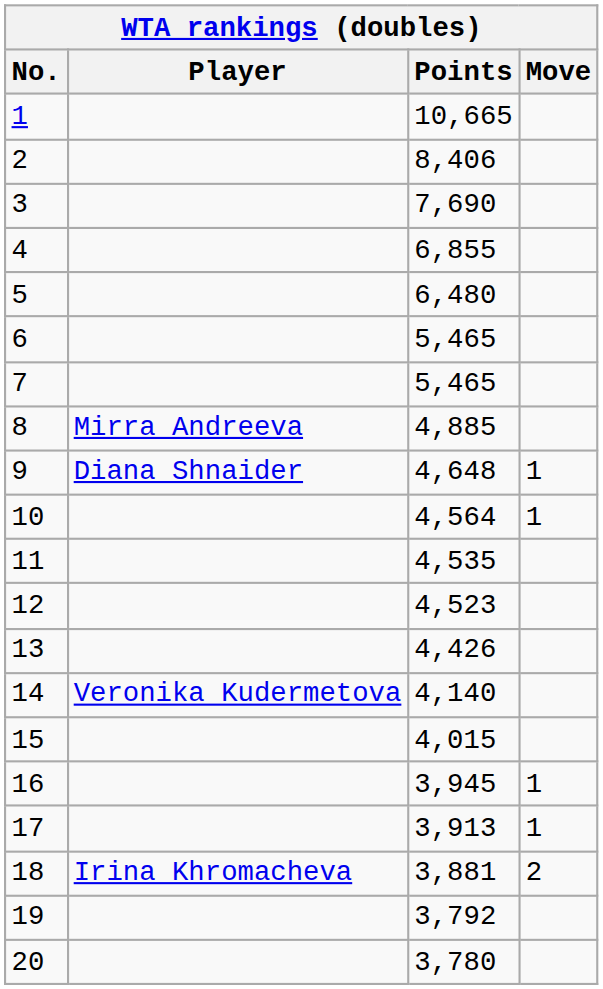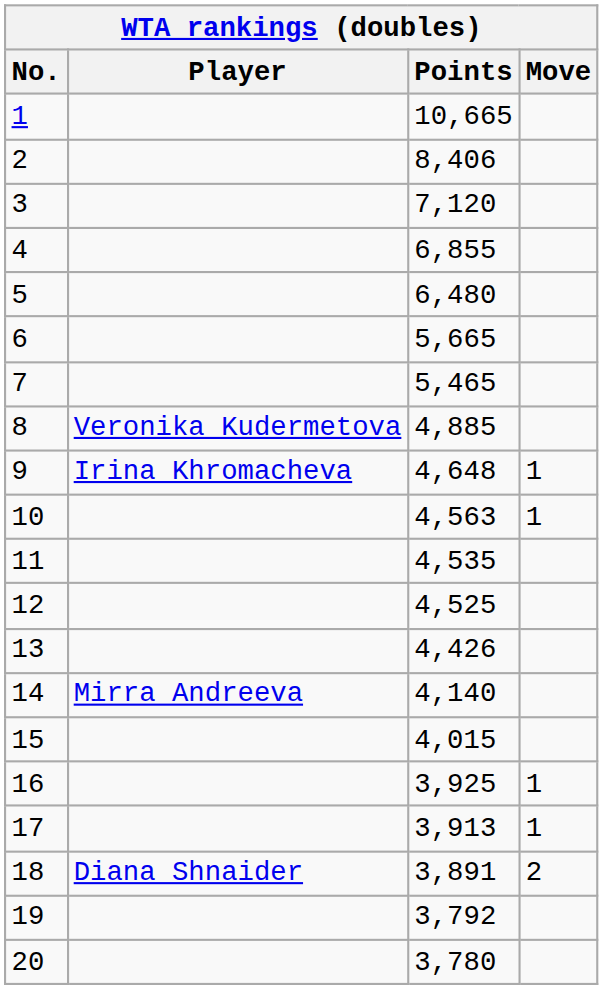 <table class="wikitable nowrap defaultcenter col2left" style="display:inline-table">
 <tr>
 <th colspan="4" scope="col"><a href='#'>WTA rankings</a> (doubles) </th>
 </tr>
 <tr>
 <th scope="col" style="width:30">No.</th>
 <th scope="col" style="width:190">Player</th>
 <th scope="col" style="width:50">Points</th>
 <th scope="col">Move</th>
 </tr>
 <tr>
 <td><a href='#'>1</a></td>
 <td></td>
 <td>10,665</td>
 <td></td>
 </tr>
 <tr>
 <td>2</td>
 <td></td>
 <td>8,406</td>
 <td></td>
 </tr>
 <tr>
 <td>3</td>
 <td></td>
-<td>7,690</td>
+<td>7,120</td>
 <td></td>
 </tr>
 <tr>
 <td>4</td>
 <td></td>
 <td>6,855</td>
 <td></td>
 </tr>
 <tr>
 <td>5</td>
 <td></td>
 <td>6,480</td>
 <td></td>
 </tr>
 <tr>
 <td>6</td>
 <td></td>
-<td>5,465</td>
+<td>5,665</td>
 <td></td>
 </tr>
 <tr>
 <td>7</td>
 <td></td>
 <td>5,465</td>
 <td></td>
 </tr>
 <tr>
 <td>8</td>
-<td> <a href='#'>Mirra Andreeva</a></td>
+<td> <a href='#'>Veronika Kudermetova</a></td>
 <td>4,885</td>
 <td></td>
 </tr>
 <tr>
 <td>9</td>
-<td> <a href='#'>Diana Shnaider</a></td>
+<td> <a href='#'>Irina Khromacheva</a></td>
 <td>4,648</td>
 <td> 1</td>
 </tr>
 <tr>
 <td>10</td>
 <td></td>
-<td>4,564</td>
+<td>4,563</td>
 <td> 1</td>
 </tr>
 <tr>
 <td>11</td>
 <td></td>
 <td>4,535</td>
 <td></td>
 </tr>
 <tr>
 <td>12</td>
 <td></td>
-<td>4,523</td>
+<td>4,525</td>
 <td></td>
 </tr>
 <tr>
 <td>13</td>
 <td></td>
 <td>4,426</td>
 <td></td>
 </tr>
 <tr>
 <td>14</td>
-<td> <a href='#'>Veronika Kudermetova</a></td>
+<td> <a href='#'>Mirra Andreeva</a></td>
 <td>4,140</td>
 <td></td>
 </tr>
 <tr>
 <td>15</td>
 <td></td>
 <td>4,015</td>
 <td></td>
 </tr>
 <tr>
 <td>16</td>
 <td></td>
-<td>3,945</td>
+<td>3,925</td>
 <td> 1</td>
 </tr>
 <tr>
 <td>17</td>
 <td></td>
 <td>3,913</td>
 <td> 1</td>
 </tr>
 <tr>
 <td>18</td>
-<td> <a href='#'>Irina Khromacheva</a></td>
-<td>3,881</td>
+<td> <a href='#'>Diana Shnaider</a></td>
+<td>3,891</td>
 <td> 2</td>
 </tr>
 <tr>
 <td>19</td>
 <td></td>
 <td>3,792</td>
 <td></td>
 </tr>
 <tr>
 <td>20</td>
 <td></td>
 <td>3,780</td>
 <td></td>
 </tr>
 </table>
